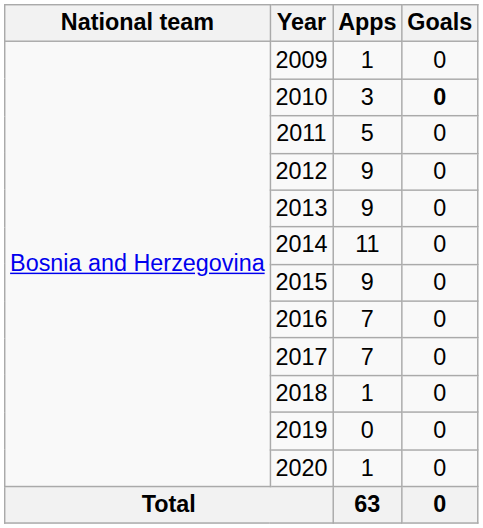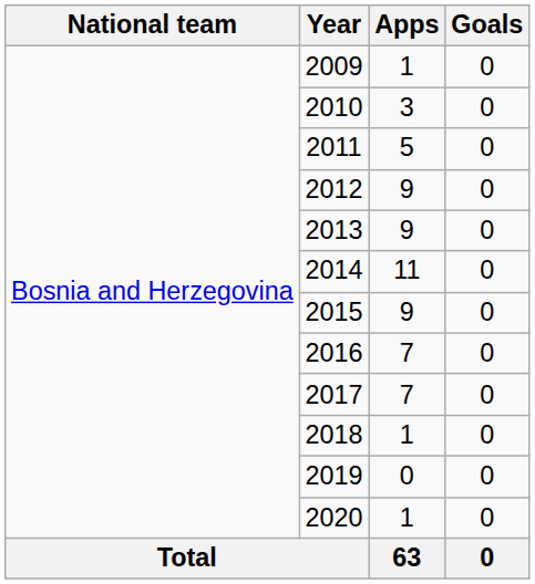 <table class="wikitable" style="text-align:center">
 <tr>
 <th>National team</th>
 <th>Year</th>
 <th>Apps</th>
 <th>Goals</th>
 </tr>
 <tr>
 <td rowspan="12"><a href='#'>Bosnia and Herzegovina</a></td>
 <td>2009</td>
 <td>1</td>
 <td>0</td>
 </tr>
 <tr>
 <td>2010</td>
 <td>3</td>
-<td><strong>0</strong></td>
+<td>0</td>
 </tr>
 <tr>
 <td>2011</td>
 <td>5</td>
 <td>0</td>
 </tr>
 <tr>
 <td>2012</td>
 <td>9</td>
 <td>0</td>
 </tr>
 <tr>
 <td>2013</td>
 <td>9</td>
 <td>0</td>
 </tr>
 <tr>
 <td>2014</td>
 <td>11</td>
 <td>0</td>
 </tr>
 <tr>
 <td>2015</td>
 <td>9</td>
 <td>0</td>
 </tr>
 <tr>
 <td>2016</td>
 <td>7</td>
 <td>0</td>
 </tr>
 <tr>
 <td>2017</td>
 <td>7</td>
 <td>0</td>
 </tr>
 <tr>
 <td>2018</td>
 <td>1</td>
 <td>0</td>
 </tr>
 <tr>
 <td>2019</td>
 <td>0</td>
 <td>0</td>
 </tr>
 <tr>
 <td>2020</td>
 <td>1</td>
 <td>0</td>
 </tr>
 <tr>
 <th colspan=2>Total</th>
 <th>63</th>
 <th>0</th>
 </tr>
 </table>
